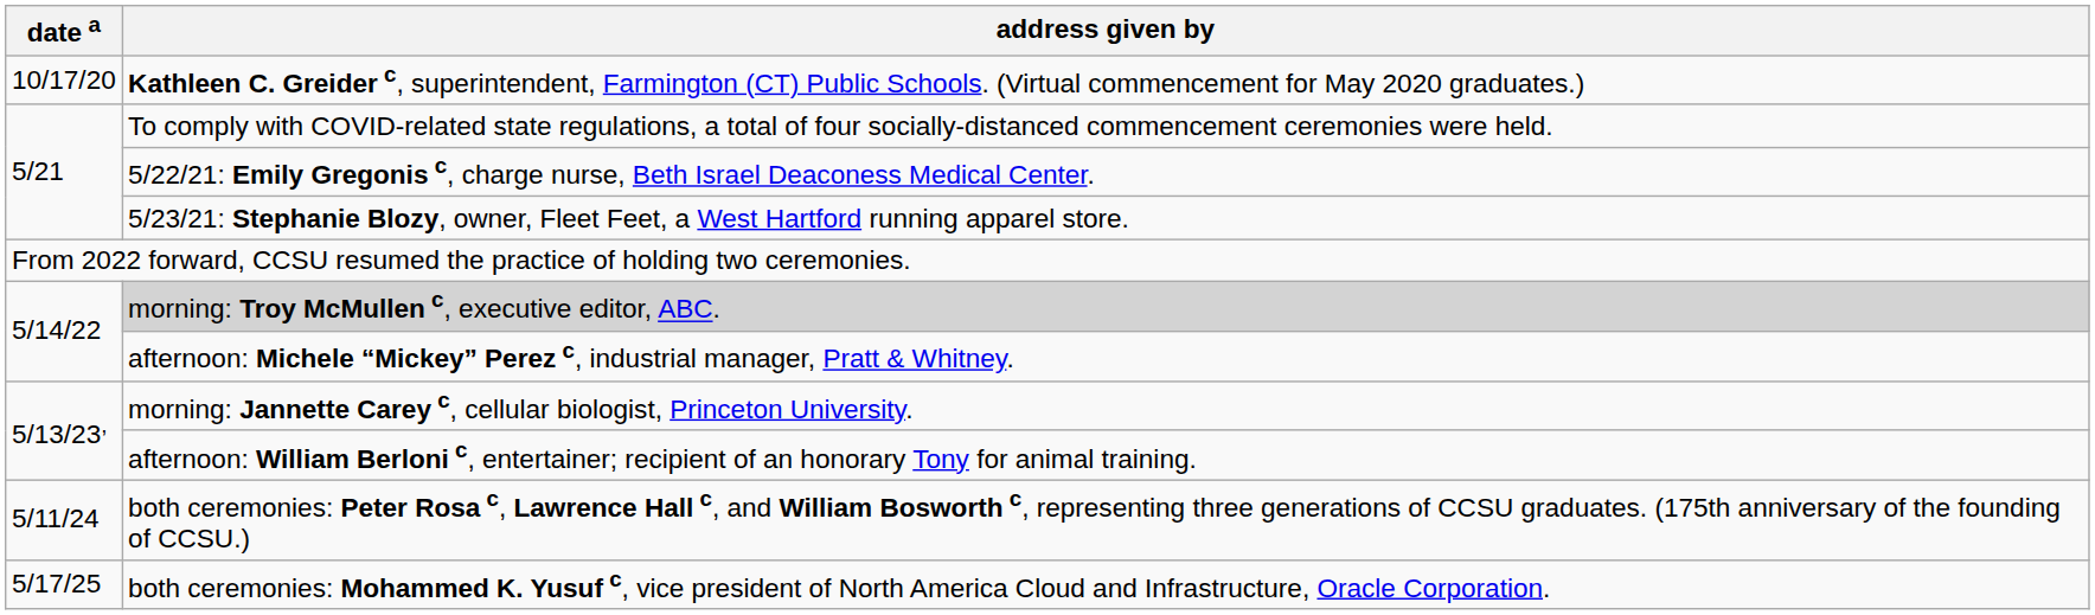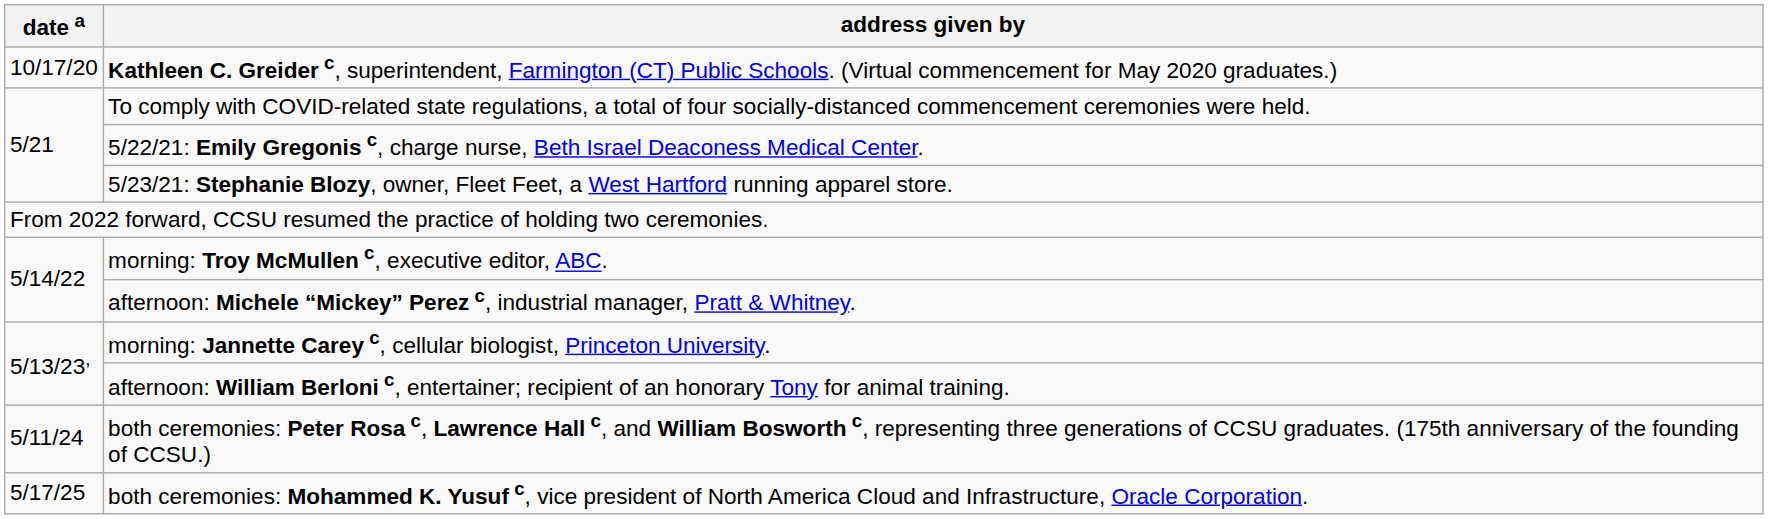 <table class="wikitable" border="1">
 <tr>
 <th>date<sup> a</sup></th>
 <th>address given by</th>
 </tr>
 <tr>
 <td>10/17/20</td>
 <td><strong>Kathleen C. Greider</strong><sup>  <strong>c</strong></sup>, superintendent, <a href='#'>Farmington (CT) Public Schools</a>. (Virtual commencement for May 2020 graduates.)</td>
 </tr>
 <tr>
 <td style= valign="middle" rowspan=3>5/21</td>
 <td>To comply with COVID-related state regulations, a total of four socially-distanced commencement ceremonies were held.</td>
 </tr>
 <tr>
 <td>5/22/21: <strong>Emily Gregonis</strong><sup>  <strong>c</strong></sup>, charge nurse, <a href='#'>Beth Israel Deaconess Medical Center</a>.</td>
 </tr>
 <tr>
 <td>5/23/21: <strong>Stephanie Blozy</strong>, owner, Fleet Feet, a <a href='#'>West Hartford</a> running apparel store.</td>
 </tr>
 <tr>
 <td style= valign="middle" colspan=2>From 2022 forward, CCSU resumed the practice of holding two ceremonies.</td>
 </tr>
 <tr>
 <td style= valign="middle" rowspan=2>5/14/22</td>
-<td style="background: lightgrey;">morning: <strong>Troy McMullen</strong><sup>  <strong>c</strong></sup>, executive editor, <a href='#'> ABC</a>.</td>
+<td>morning: <strong>Troy McMullen</strong><sup>  <strong>c</strong></sup>, executive editor, <a href='#'> ABC</a>.</td>
 </tr>
 <tr>
 <td>afternoon: <strong>Michele “Mickey” Perez</strong><sup>  <strong>c</strong></sup>, industrial manager, <a href='#'>Pratt & Whitney</a>.</td>
 </tr>
 <tr>
 <td style= valign="middle" rowspan=2>5/13/23<sup>,</sup></td>
 <td>morning: <strong>Jannette Carey</strong><sup>  <strong>c</strong></sup>, cellular biologist, <a href='#'>Princeton University</a>.</td>
 </tr>
 <tr>
 <td>afternoon: <strong>William Berloni</strong><sup>  <strong>c</strong></sup>, entertainer; recipient of an honorary <a href='#'>Tony</a> for animal training.</td>
 </tr>
 <tr>
 <td>5/11/24</td>
 <td>both ceremonies: <strong>Peter Rosa</strong><sup>  <strong>c</strong></sup>, <strong>Lawrence Hall</strong><sup>  <strong>c</strong></sup>, and <strong>William Bosworth</strong><sup>  <strong>c</strong></sup>, representing three generations of CCSU graduates. (175th anniversary of the founding of CCSU.)</td>
 </tr>
 <tr>
 <td>5/17/25</td>
 <td>both ceremonies: <strong>Mohammed K. Yusuf</strong><sup>  <strong>c</strong></sup>, vice president of North America Cloud and Infrastructure, <a href='#'>Oracle Corporation</a>.</td>
 </tr>
 </table>
